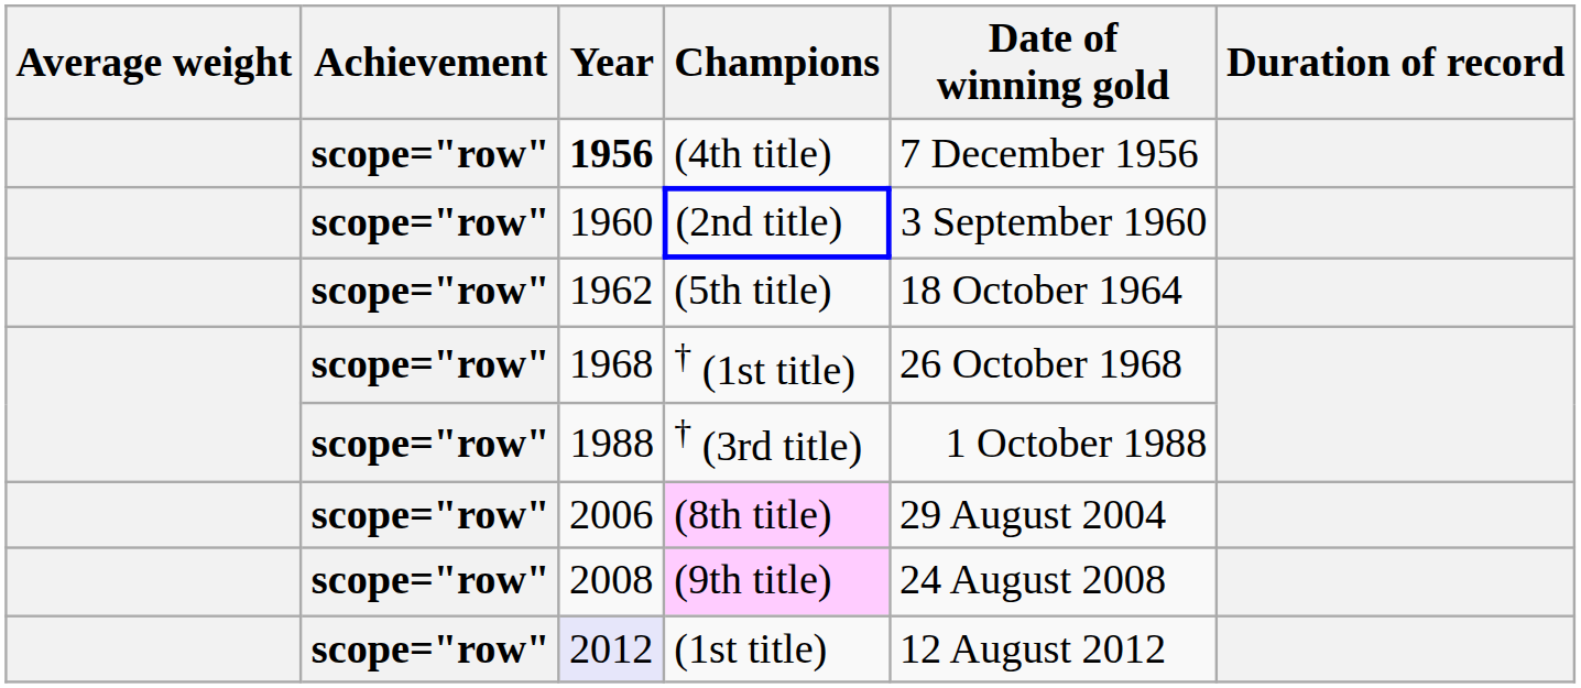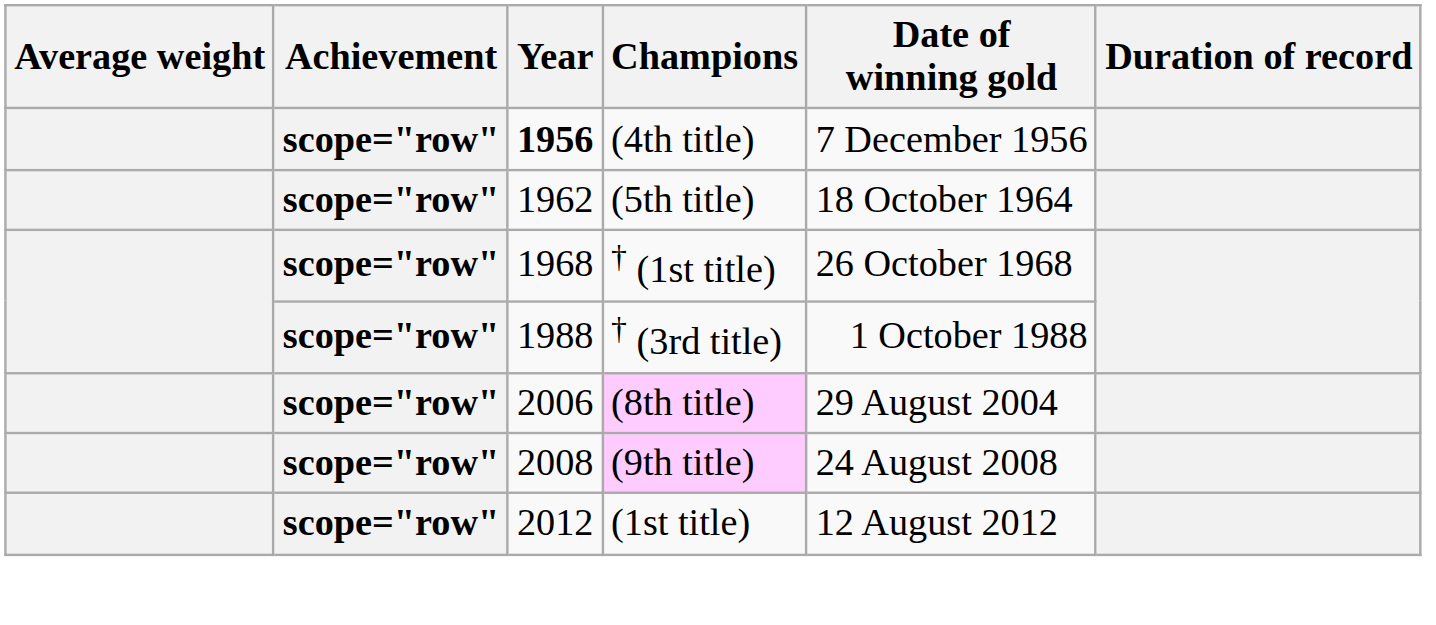 <table class="wikitable sticky-header col1right col3center col5right" style="margin-left: 1em;">
 <tr>
 <th scope="col">Average weight</th>
 <th scope="col">Achievement</th>
 <th scope="col">Year</th>
 <th scope="col">Champions</th>
 <th scope="col">Date of<br>winning gold</th>
 <th scope="col">Duration of record</th>
 </tr>
 <tr>
 <td style="background-color: #f2f2f2;"></td>
 <th>scope="row" </th>
 <td><strong>1956</strong></td>
 <td> (4th title)</td>
 <td>7 December 1956</td>
-<td style="background-color: #f2f2f2;"></td>
-</tr>
-<tr>
-<td style="background-color: #f2f2f2;"></td>
-<th>scope="row" </th>
-<td>1960</td>
-<td style="border: 2px solid blue;"> (2nd title)</td>
-<td style="text-align: right;">3 September 1960</td>
 <td style="background-color: #f2f2f2;"></td>
 </tr>
 <tr>
 <td style="background-color: #f2f2f2;"></td>
 <th>scope="row" </th>
 <td>1962</td>
 <td> (5th title)</td>
 <td>18 October 1964</td>
 <td style="background-color: #f2f2f2;;"></td>
 </tr>
 <tr>
 <td rowspan="2" style="background-color: #f2f2f2;"></td>
 <th>scope="row" </th>
 <td>1968</td>
 <td><em></em><sup>†</sup> (1st title)</td>
 <td>26 October 1968</td>
 <td rowspan="2" style="background-color: #f2f2f2;"></td>
 </tr>
 <tr>
 <th>scope="row" </th>
 <td style="text-align: center;">1988</td>
 <td style="text-align: left;"><em></em><sup>†</sup> (3rd title)</td>
 <td style="text-align: right;">1 October 1988</td>
 </tr>
 <tr>
 <td style="background-color: #f2f2f2;"></td>
 <th>scope="row" </th>
 <td>2006</td>
 <td style="background-color: #ffccff;"> (8th title)</td>
 <td>29 August 2004</td>
 <td style="background-color: #f2f2f2;"></td>
 </tr>
 <tr>
 <td style="background-color: #f2f2f2;"></td>
 <th>scope="row" </th>
 <td>2008</td>
 <td style="background-color: #ffccff;"> (9th title)</td>
 <td>24 August 2008</td>
 <td style="background-color: #f2f2f2;"></td>
 </tr>
 <tr>
 <td style="background-color: #f2f2f2;"></td>
 <th>scope="row" </th>
-<td style="background: lavender;">2012</td>
+<td>2012</td>
 <td> (1st title)</td>
 <td>12 August 2012</td>
 <td style="background-color: #f2f2f2;"></td>
 </tr>
 </table>
